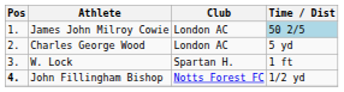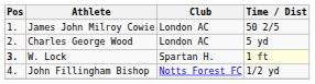 <table class="wikitable">
 <tr>
 <th>Pos</th>
 <th>Athlete</th>
 <th>Club</th>
 <th>Time / Dist</th>
 </tr>
 <tr>
 <td>1.</td>
 <td>James John Milroy Cowie</td>
 <td>London AC</td>
-<td style="background: lightblue;">50 2/5</td>
+<td>50 2/5</td>
 </tr>
 <tr>
 <td>2.</td>
 <td>Charles George Wood</td>
 <td>London AC</td>
 <td>5 yd</td>
 </tr>
 <tr>
-<td>3.</td>
+<td><strong>3.</strong></td>
 <td>W. Lock</td>
 <td>Spartan H.</td>
-<td>1 ft</td>
+<td style="background: lightyellow;">1 ft</td>
 </tr>
 <tr>
-<td><strong>4.</strong></td>
+<td>4.</td>
 <td>John Fillingham Bishop</td>
 <td><a href='#'>Notts Forest FC</a></td>
 <td>1/2 yd</td>
 </tr>
 <tr>
 </tr>
 </table>
